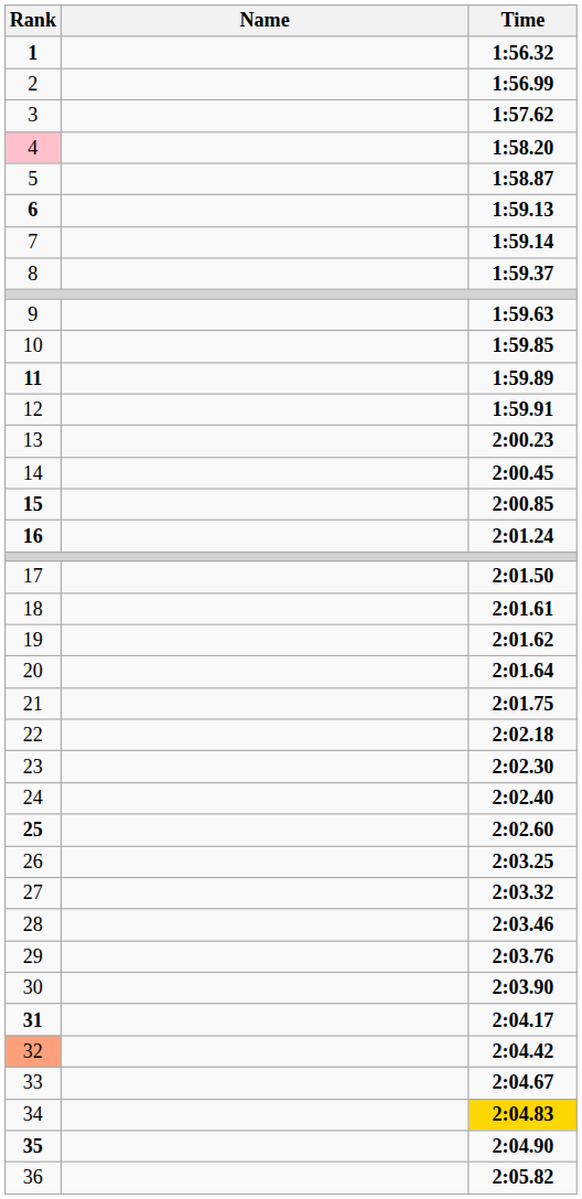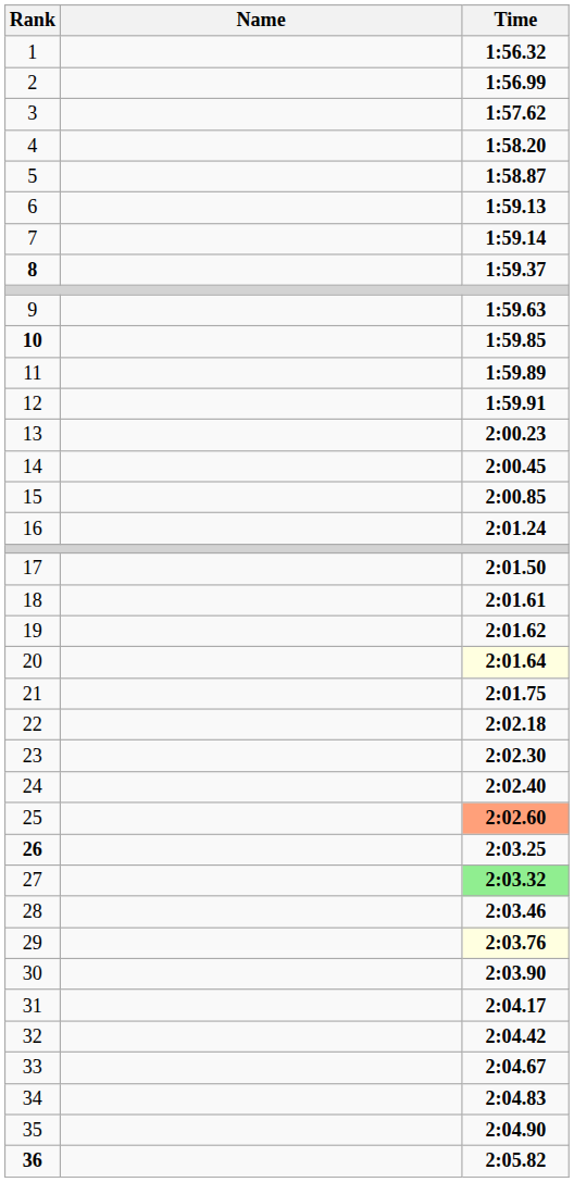 <table class="wikitable">
 <tr>
 <th>Rank</th>
 <th align="center" style="width: 20em">Name</th>
 <th align="center" style="width: 5em">Time</th>
 </tr>
 <tr>
-<td align="center"><strong>1</strong></td>
+<td align="center">1</td>
 <td></td>
 <td align="center"><strong>1:56.32</strong></td>
 </tr>
 <tr>
 <td align="center">2</td>
 <td></td>
 <td align="center"><strong>1:56.99</strong></td>
 </tr>
 <tr>
 <td align="center">3</td>
 <td></td>
 <td align="center"><strong>1:57.62</strong></td>
 </tr>
 <tr>
-<td align="center" style="background: pink;">4</td>
+<td align="center">4</td>
 <td></td>
 <td align="center"><strong>1:58.20</strong></td>
 </tr>
 <tr>
 <td align="center">5</td>
 <td></td>
 <td align="center"><strong>1:58.87</strong></td>
 </tr>
 <tr>
-<td align="center"><strong>6</strong></td>
+<td align="center">6</td>
 <td></td>
 <td align="center"><strong>1:59.13</strong></td>
 </tr>
 <tr>
 <td align="center">7</td>
 <td></td>
 <td align="center"><strong>1:59.14</strong></td>
 </tr>
 <tr>
-<td align="center">8</td>
+<td align="center"><strong>8</strong></td>
 <td></td>
 <td align="center"><strong>1:59.37</strong></td>
 </tr>
 <tr>
 <td colspan=3 bgcolor=lightgray></td>
 </tr>
 <tr>
 <td align="center">9</td>
 <td></td>
 <td align="center"><strong>1:59.63</strong></td>
 </tr>
 <tr>
-<td align="center">10</td>
+<td align="center"><strong>10</strong></td>
 <td></td>
 <td align="center"><strong>1:59.85</strong></td>
 </tr>
 <tr>
-<td align="center"><strong>11</strong></td>
+<td align="center">11</td>
 <td></td>
 <td align="center"><strong>1:59.89</strong></td>
 </tr>
 <tr>
 <td align="center">12</td>
 <td></td>
 <td align="center"><strong>1:59.91 </strong></td>
 </tr>
 <tr>
 <td align="center">13</td>
 <td></td>
 <td align="center"><strong>2:00.23</strong></td>
 </tr>
 <tr>
 <td align="center">14</td>
 <td></td>
 <td align="center"><strong>2:00.45</strong></td>
 </tr>
 <tr>
-<td align="center"><strong>15</strong></td>
+<td align="center">15</td>
 <td></td>
 <td align="center"><strong>2:00.85</strong></td>
 </tr>
 <tr>
-<td align="center"><strong>16</strong></td>
+<td align="center">16</td>
 <td></td>
 <td align="center"><strong>2:01.24</strong></td>
 </tr>
 <tr>
 <td colspan=3 bgcolor=lightgray></td>
 </tr>
 <tr>
 <td align="center">17</td>
 <td></td>
 <td align="center"><strong>2:01.50</strong></td>
 </tr>
 <tr>
 <td align="center">18</td>
 <td></td>
 <td align="center"><strong>2:01.61</strong></td>
 </tr>
 <tr>
 <td align="center">19</td>
 <td></td>
 <td align="center"><strong>2:01.62</strong></td>
 </tr>
 <tr>
 <td align="center">20</td>
 <td></td>
-<td align="center"><strong>2:01.64</strong></td>
+<td align="center" style="background: lightyellow;"><strong>2:01.64</strong></td>
 </tr>
 <tr>
 <td align="center">21</td>
 <td></td>
 <td align="center"><strong>2:01.75</strong></td>
 </tr>
 <tr>
 <td align="center">22</td>
 <td></td>
 <td align="center"><strong>2:02.18</strong></td>
 </tr>
 <tr>
 <td align="center">23</td>
 <td></td>
 <td align="center"><strong>2:02.30</strong></td>
 </tr>
 <tr>
 <td align="center">24</td>
 <td></td>
 <td align="center"><strong>2:02.40</strong></td>
 </tr>
 <tr>
-<td align="center"><strong>25</strong></td>
+<td align="center">25</td>
 <td></td>
-<td align="center"><strong>2:02.60</strong></td>
+<td align="center" style="background: lightsalmon;"><strong>2:02.60</strong></td>
 </tr>
 <tr>
-<td align="center">26</td>
+<td align="center"><strong>26</strong></td>
 <td></td>
 <td align="center"><strong>2:03.25</strong></td>
 </tr>
 <tr>
 <td align="center">27</td>
 <td></td>
-<td align="center"><strong>2:03.32</strong></td>
+<td align="center" style="background: lightgreen;"><strong>2:03.32</strong></td>
 </tr>
 <tr>
 <td align="center">28</td>
 <td></td>
 <td align="center"><strong>2:03.46</strong></td>
 </tr>
 <tr>
 <td align="center">29</td>
 <td></td>
-<td align="center"><strong>2:03.76</strong></td>
+<td align="center" style="background: lightyellow;"><strong>2:03.76</strong></td>
 </tr>
 <tr>
 <td align="center">30</td>
 <td></td>
 <td align="center"><strong>2:03.90</strong></td>
 </tr>
 <tr>
-<td align="center"><strong>31</strong></td>
+<td align="center">31</td>
 <td></td>
 <td align="center"><strong>2:04.17</strong></td>
 </tr>
 <tr>
-<td align="center" style="background: lightsalmon;">32</td>
+<td align="center">32</td>
 <td></td>
 <td align="center"><strong>2:04.42</strong></td>
 </tr>
 <tr>
 <td align="center">33</td>
 <td></td>
 <td align="center"><strong>2:04.67</strong></td>
 </tr>
 <tr>
 <td align="center">34</td>
 <td></td>
-<td align="center" style="background: gold;"><strong>2:04.83</strong></td>
+<td align="center"><strong>2:04.83</strong></td>
 </tr>
 <tr>
-<td align="center"><strong>35</strong></td>
+<td align="center">35</td>
 <td></td>
 <td align="center"><strong>2:04.90</strong></td>
 </tr>
 <tr>
-<td align="center">36</td>
+<td align="center"><strong>36</strong></td>
 <td></td>
 <td align="center"><strong>2:05.82</strong></td>
 </tr>
 </table>
